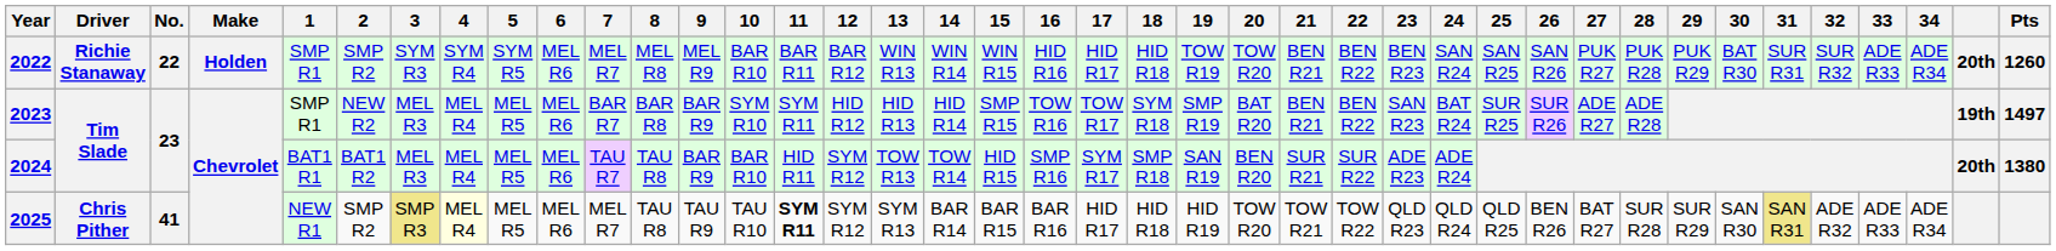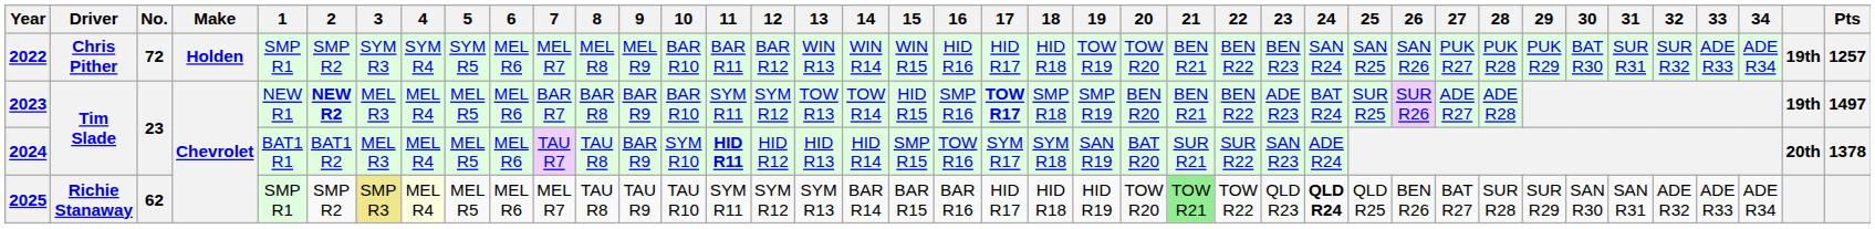 <table class="wikitable mw-collapsible mw-collapsed" style="text-align:center; font-size:75%">
 <tr>
 <th>Year</th>
 <th>Driver</th>
 <th>No.</th>
 <th>Make</th>
 <th>1</th>
 <th>2</th>
 <th>3</th>
 <th>4</th>
 <th>5</th>
 <th>6</th>
 <th>7</th>
 <th>8</th>
 <th>9</th>
 <th>10</th>
 <th>11</th>
 <th>12</th>
 <th>13</th>
 <th>14</th>
 <th>15</th>
 <th>16</th>
 <th>17</th>
 <th>18</th>
 <th>19</th>
 <th>20</th>
 <th>21</th>
 <th>22</th>
 <th>23</th>
 <th>24</th>
 <th>25</th>
 <th>26</th>
 <th>27</th>
 <th>28</th>
 <th>29</th>
 <th>30</th>
 <th>31</th>
 <th>32</th>
 <th>33</th>
 <th>34</th>
 <th></th>
 <th>Pts</th>
 </tr>
 <tr>
 <th><a href='#'>2022</a></th>
-<th><a href='#'>Richie Stanaway</a></th>
-<th rowspan=1>22</th>
+<th><a href='#'>Chris Pither</a></th>
+<th rowspan=1>72</th>
 <th rowspan=1><a href='#'>Holden</a></th>
 <td style="background: #dfffdf"><a href='#'>SMP<br>R1</a><br></td>
 <td style="background: #dfffdf"><a href='#'>SMP<br>R2</a><br></td>
 <td style="background: #dfffdf"><a href='#'>SYM<br>R3</a><br></td>
 <td style="background: #dfffdf"><a href='#'>SYM<br>R4</a><br></td>
 <td style="background: #dfffdf"><a href='#'>SYM<br>R5</a><br></td>
 <td style="background: #dfffdf"><a href='#'>MEL<br>R6</a><br></td>
 <td style="background: #dfffdf"><a href='#'>MEL<br>R7</a><br></td>
 <td style="background: #dfffdf"><a href='#'>MEL<br>R8</a><br></td>
 <td style="background: #dfffdf"><a href='#'>MEL<br>R9</a><br></td>
 <td style="background: #dfffdf"><a href='#'>BAR<br>R10</a><br></td>
 <td style="background: #dfffdf"><a href='#'>BAR<br>R11</a><br></td>
 <td style="background: #dfffdf"><a href='#'>BAR<br>R12</a><br></td>
 <td style="background: #dfffdf"><a href='#'>WIN<br>R13</a><br></td>
 <td style="background: #dfffdf"><a href='#'>WIN<br>R14</a><br></td>
 <td style="background: #dfffdf"><a href='#'>WIN<br>R15</a><br></td>
 <td style="background: #dfffdf"><a href='#'>HID<br>R16</a><br></td>
 <td style="background: #dfffdf"><a href='#'>HID<br>R17</a><br></td>
 <td style="background: #dfffdf"><a href='#'>HID<br>R18</a><br></td>
 <td style="background: #dfffdf"><a href='#'>TOW<br>R19</a><br></td>
 <td style="background: #dfffdf"><a href='#'>TOW<br>R20</a><br></td>
 <td style="background: #dfffdf"><a href='#'>BEN<br>R21</a><br></td>
 <td style="background: #dfffdf"><a href='#'>BEN<br>R22</a><br></td>
 <td style="background: #dfffdf"><a href='#'>BEN<br>R23</a><br></td>
 <td style="background: #dfffdf"><a href='#'>SAN<br>R24</a><br></td>
 <td style="background: #dfffdf"><a href='#'>SAN<br>R25</a><br></td>
 <td style="background: #dfffdf"><a href='#'>SAN<br>R26</a><br></td>
 <td style="background: #dfffdf"><a href='#'>PUK<br>R27</a><br></td>
 <td style="background: #dfffdf"><a href='#'>PUK<br>R28</a><br></td>
 <td style="background: #dfffdf"><a href='#'>PUK<br>R29</a><br></td>
 <td style="background: #dfffdf"><a href='#'>BAT<br>R30</a><br></td>
 <td style="background: #dfffdf"><a href='#'>SUR<br>R31</a><br></td>
 <td style="background: #dfffdf"><a href='#'>SUR<br>R32</a><br></td>
 <td style="background: #dfffdf"><a href='#'>ADE<br>R33</a><br></td>
 <td style="background: #dfffdf"><a href='#'>ADE<br>R34</a><br></td>
-<th>20th</th>
-<th>1260</th>
+<th>19th</th>
+<th>1257</th>
 </tr>
 <tr>
 <th><a href='#'>2023</a></th>
 <th rowspan=2><a href='#'>Tim Slade</a></th>
 <th rowspan=2>23</th>
 <th rowspan=4><a href='#'>Chevrolet</a></th>
-<td style=background:#dfffdf>SMP<br>R1<br></td>
-<td style=background:#dfffdf><a href='#'>NEW<br>R2</a><br></td>
+<td style=background:#dfffdf><a href='#'>NEW<br>R1</a><br></td>
+<td style=background:#dfffdf><strong><a href='#'>NEW<br>R2</a><br></strong></td>
 <td style=background:#dfffdf><a href='#'>MEL<br>R3</a><br></td>
 <td style=background:#dfffdf><a href='#'>MEL<br>R4</a><br></td>
 <td style=background:#dfffdf><a href='#'>MEL<br>R5</a><br></td>
 <td style=background:#dfffdf><a href='#'>MEL<br>R6</a><br></td>
 <td style=background:#dfffdf><a href='#'>BAR<br>R7</a><br></td>
 <td style=background:#dfffdf><a href='#'>BAR<br>R8</a><br></td>
 <td style=background:#dfffdf><a href='#'>BAR<br>R9</a><br></td>
-<td style=background:#dfffdf><a href='#'>SYM<br>R10</a><br></td>
+<td style=background:#dfffdf><a href='#'>BAR<br>R10</a><br></td>
 <td style=background:#dfffdf><a href='#'>SYM<br>R11</a><br></td>
-<td style=background:#dfffdf><a href='#'>HID<br>R12</a><br></td>
-<td style=background:#dfffdf><a href='#'>HID<br>R13</a><br></td>
-<td style=background:#dfffdf><a href='#'>HID<br>R14</a><br></td>
-<td style=background:#dfffdf><a href='#'>SMP<br>R15</a><br></td>
-<td style=background:#dfffdf><a href='#'>TOW<br>R16</a><br></td>
-<td style=background:#dfffdf><a href='#'>TOW<br>R17</a><br></td>
-<td style=background:#dfffdf><a href='#'>SYM<br>R18</a><br></td>
+<td style=background:#dfffdf><a href='#'>SYM<br>R12</a><br></td>
+<td style=background:#dfffdf><a href='#'>TOW<br>R13</a><br></td>
+<td style=background:#dfffdf><a href='#'>TOW<br>R14</a><br></td>
+<td style=background:#dfffdf><a href='#'>HID<br>R15</a><br></td>
+<td style=background:#dfffdf><a href='#'>SMP<br>R16</a><br></td>
+<td style=background:#dfffdf><strong><a href='#'>TOW<br>R17</a><br></strong></td>
+<td style=background:#dfffdf><a href='#'>SMP<br>R18</a><br></td>
 <td style=background:#dfffdf><a href='#'>SMP<br>R19</a><br></td>
-<td style=background:#dfffdf><a href='#'>BAT<br>R20</a><br></td>
+<td style=background:#dfffdf><a href='#'>BEN<br>R20</a><br></td>
 <td style=background:#dfffdf><a href='#'>BEN<br>R21</a><br></td>
 <td style=background:#dfffdf><a href='#'>BEN<br>R22</a><br></td>
-<td style=background:#dfffdf><a href='#'>SAN<br>R23</a><br></td>
+<td style=background:#dfffdf><a href='#'>ADE<br>R23</a><br></td>
 <td style=background:#dfffdf><a href='#'>BAT<br>R24</a><br></td>
 <td style=background:#dfffdf><a href='#'>SUR<br>R25</a><br></td>
 <td style=background:#efcfff><a href='#'>SUR<br>R26</a><br></td>
 <td style=background:#dfffdf><a href='#'>ADE<br>R27</a><br></td>
 <td style=background:#dfffdf><a href='#'>ADE<br>R28</a><br></td>
 <th colspan=6></th>
 <th>19th</th>
 <th>1497</th>
 </tr>
 <tr>
 <th><a href='#'>2024</a></th>
 <td style=background:#dfffdf><a href='#'>BAT1<br>R1</a><br></td>
 <td style=background:#dfffdf><a href='#'>BAT1<br>R2</a><br></td>
 <td style=background:#dfffdf><a href='#'>MEL<br>R3</a><br></td>
 <td style=background:#dfffdf><a href='#'>MEL<br>R4</a><br></td>
 <td style=background:#dfffdf><a href='#'>MEL<br>R5</a><br></td>
 <td style=background:#dfffdf><a href='#'>MEL<br>R6</a><br></td>
 <td style=background:#efcfff><a href='#'>TAU<br>R7</a><br></td>
 <td style=background:#dfffdf><a href='#'>TAU<br>R8</a><br></td>
 <td style=background:#dfffdf><a href='#'>BAR<br>R9</a><br></td>
-<td style=background:#dfffdf><a href='#'>BAR<br>R10</a><br></td>
-<td style=background:#dfffdf><a href='#'>HID<br>R11</a><br></td>
-<td style=background:#dfffdf><a href='#'>SYM<br>R12</a><br></td>
-<td style=background:#dfffdf><a href='#'>TOW<br>R13</a><br></td>
-<td style=background:#dfffdf><a href='#'>TOW<br>R14</a><br></td>
-<td style=background:#dfffdf><a href='#'>HID<br>R15</a><br></td>
-<td style=background:#dfffdf><a href='#'>SMP<br>R16</a><br></td>
+<td style=background:#dfffdf><a href='#'>SYM<br>R10</a><br></td>
+<td style=background:#dfffdf><strong><a href='#'>HID<br>R11</a><br></strong></td>
+<td style=background:#dfffdf><a href='#'>HID<br>R12</a><br></td>
+<td style=background:#dfffdf><a href='#'>HID<br>R13</a><br></td>
+<td style=background:#dfffdf><a href='#'>HID<br>R14</a><br></td>
+<td style=background:#dfffdf><a href='#'>SMP<br>R15</a><br></td>
+<td style=background:#dfffdf><a href='#'>TOW<br>R16</a><br></td>
 <td style=background:#dfffdf><a href='#'>SYM<br>R17</a><br></td>
-<td style=background:#dfffdf><a href='#'>SMP<br>R18</a><br></td>
+<td style=background:#dfffdf><a href='#'>SYM<br>R18</a><br></td>
 <td style=background:#dfffdf><a href='#'>SAN<br>R19</a><br></td>
-<td style=background:#dfffdf><a href='#'>BEN<br>R20</a><br></td>
+<td style=background:#dfffdf><a href='#'>BAT<br>R20</a><br></td>
 <td style=background:#dfffdf><a href='#'>SUR<br>R21</a><br></td>
 <td style=background:#dfffdf><a href='#'>SUR<br>R22</a><br></td>
-<td style=background:#dfffdf><a href='#'>ADE<br>R23</a><br></td>
+<td style=background:#dfffdf><a href='#'>SAN<br>R23</a><br></td>
 <td style=background:#dfffdf><a href='#'>ADE<br>R24</a><br></td>
 <th colspan=10></th>
 <th>20th</th>
-<th>1380</th>
+<th>1378</th>
 </tr>
 <tr>
 <th><a href='#'>2025</a></th>
-<th><a href='#'>Chris Pither</a></th>
-<th>41</th>
-<td style=background:#dfffdf><a href='#'>NEW<br>R1</a><br></td>
+<th><a href='#'>Richie Stanaway</a></th>
+<th>62</th>
+<td style=background:#dfffdf>SMP<br>R1<br></td>
 <td>SMP<br>R2<br></td>
 <td style="background: khaki;">SMP<br>R3<br></td>
 <td style="background: lightyellow;">MEL<br>R4<br></td>
 <td>MEL<br>R5<br></td>
 <td>MEL<br>R6<br></td>
 <td>MEL<br>R7<br></td>
 <td>TAU<br>R8<br></td>
 <td>TAU<br>R9<br></td>
 <td>TAU<br>R10<br></td>
-<td><strong>SYM<br>R11<br></strong></td>
+<td>SYM<br>R11<br></td>
 <td>SYM<br>R12<br></td>
 <td>SYM<br>R13<br></td>
 <td>BAR<br>R14<br></td>
 <td>BAR<br>R15<br></td>
 <td>BAR<br>R16<br></td>
 <td>HID<br>R17<br></td>
 <td>HID<br>R18<br></td>
 <td>HID<br>R19<br></td>
 <td>TOW<br>R20<br></td>
-<td>TOW<br>R21<br></td>
+<td style="background: lightgreen;">TOW<br>R21<br></td>
 <td>TOW<br>R22<br></td>
 <td>QLD<br>R23<br></td>
-<td>QLD<br>R24<br></td>
+<td><strong>QLD<br>R24<br></strong></td>
 <td>QLD<br>R25<br></td>
 <td>BEN<br>R26<br></td>
 <td>BAT<br>R27<br></td>
 <td>SUR<br>R28<br></td>
 <td>SUR<br>R29<br></td>
 <td>SAN<br>R30<br></td>
-<td style="background: khaki;">SAN<br>R31<br></td>
+<td>SAN<br>R31<br></td>
 <td>ADE<br>R32<br></td>
 <td>ADE<br>R33<br></td>
 <td>ADE<br>R34<br></td>
 <th></th>
 <th></th>
 </tr>
 </table>
